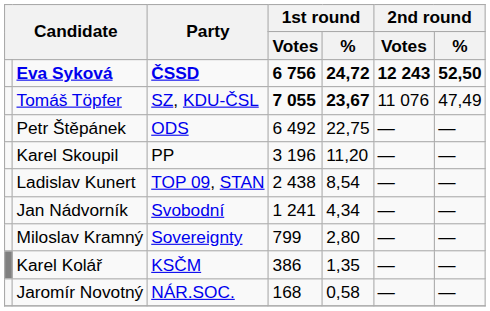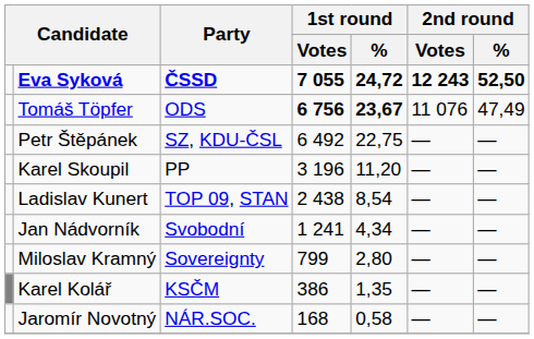 <table class="wikitable sortable">
 <tr>
 <th colspan="2" rowspan="2">Candidate</th>
 <th rowspan="2">Party</th>
 <th colspan="2">1st round</th>
 <th colspan="2">2nd round</th>
 </tr>
 <tr>
 <th>Votes</th>
 <th>%</th>
 <th>Votes</th>
 <th>%</th>
 </tr>
 <tr>
 <td style="background-color:"></td>
 <td><strong><a href='#'>Eva Syková</a></strong></td>
 <td><a href='#'><strong>ČSSD</strong></a></td>
-<td><strong>6 756</strong></td>
+<td><strong>7 055</strong></td>
 <td><strong>24,72</strong></td>
 <td><strong>12 243</strong></td>
 <td><strong>52,50</strong></td>
 </tr>
 <tr>
 <td style="background-color:"></td>
 <td><a href='#'>Tomáš Töpfer</a></td>
-<td><a href='#'>SZ</a>, <a href='#'>KDU-ČSL</a></td>
-<td><strong>7 055</strong></td>
+<td><a href='#'>ODS</a></td>
+<td><strong>6 756</strong></td>
 <td><strong>23,67</strong></td>
 <td>11 076</td>
 <td>47,49</td>
 </tr>
 <tr>
 <td style="background-color:"></td>
 <td>Petr Štěpánek</td>
-<td><a href='#'>ODS</a></td>
+<td><a href='#'>SZ</a>, <a href='#'>KDU-ČSL</a></td>
 <td>6 492</td>
 <td>22,75</td>
 <td>—</td>
 <td>—</td>
 </tr>
 <tr>
 <td style="background-color:"></td>
 <td>Karel Skoupil</td>
 <td>PP</td>
 <td>3 196</td>
 <td>11,20</td>
 <td>—</td>
 <td>—</td>
 </tr>
 <tr>
 <td style="background-color:"></td>
 <td>Ladislav Kunert</td>
 <td><a href='#'>TOP 09</a>, <a href='#'>STAN</a></td>
 <td>2 438</td>
 <td>8,54</td>
 <td>—</td>
 <td>—</td>
 </tr>
 <tr>
 <td style="background-color:"></td>
 <td>Jan Nádvorník</td>
 <td><a href='#'>Svobodní</a></td>
 <td>1 241</td>
 <td>4,34</td>
 <td>—</td>
 <td>—</td>
 </tr>
 <tr>
 <td style="background-color:"></td>
 <td>Miloslav Kramný</td>
 <td><a href='#'>Sovereignty</a></td>
 <td>799</td>
 <td>2,80</td>
 <td>—</td>
 <td>—</td>
 </tr>
 <tr>
 <td style="background-color:grey;"></td>
 <td>Karel Kolář</td>
 <td><a href='#'>KSČM</a></td>
 <td>386</td>
 <td>1,35</td>
 <td>—</td>
 <td>—</td>
 </tr>
 <tr>
 <td style="background-color:"></td>
 <td>Jaromír Novotný</td>
 <td><a href='#'>NÁR.SOC.</a></td>
 <td>168</td>
 <td>0,58</td>
 <td>—</td>
 <td>—</td>
 </tr>
 <tr>
 </tr>
 </table>
